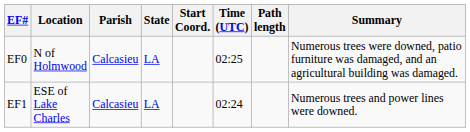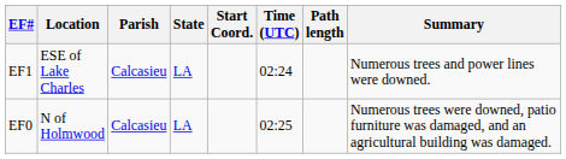 <table class="wikitable sortable" style="width:100%;">
 <tr>
 <th scope="col"  style="width:3%; text-align:center;"><a href='#'>EF#</a></th>
 <th scope="col"  style="width:7%; text-align:center;" class="unsortable">Location</th>
 <th scope="col"  style="width:6%; text-align:center;" class="unsortable">Parish</th>
 <th scope="col"  style="width:5%; text-align:center;">State</th>
 <th scope="col"  style="width:6%; text-align:center;">Start Coord.</th>
 <th scope="col"  style="width:6%; text-align:center;">Time (<a href='#'>UTC</a>)</th>
 <th scope="col"  style="width:6%; text-align:center;">Path length</th>
 <th scope="col" class="unsortable" style="width:48%; text-align:center;">Summary</th>
 </tr>
 <tr>
+<td>EF1</td>
+<td>ESE of <a href='#'>Lake Charles</a></td>
+<td><a href='#'>Calcasieu</a></td>
+<td><a href='#'>LA</a></td>
+<td></td>
+<td>02:24</td>
+<td></td>
+<td>Numerous trees and power lines were downed.</td>
+</tr>
+<tr>
 <td>EF0</td>
 <td>N of <a href='#'>Holmwood</a></td>
 <td><a href='#'>Calcasieu</a></td>
 <td><a href='#'>LA</a></td>
 <td></td>
 <td>02:25</td>
 <td></td>
 <td>Numerous trees were downed, patio furniture was damaged, and an agricultural building was damaged.</td>
 </tr>
-<tr>
-<td>EF1</td>
-<td>ESE of <a href='#'>Lake Charles</a></td>
-<td><a href='#'>Calcasieu</a></td>
-<td><a href='#'>LA</a></td>
-<td></td>
-<td>02:24</td>
-<td></td>
-<td>Numerous trees and power lines were downed.</td>
-</tr>
 </table>
